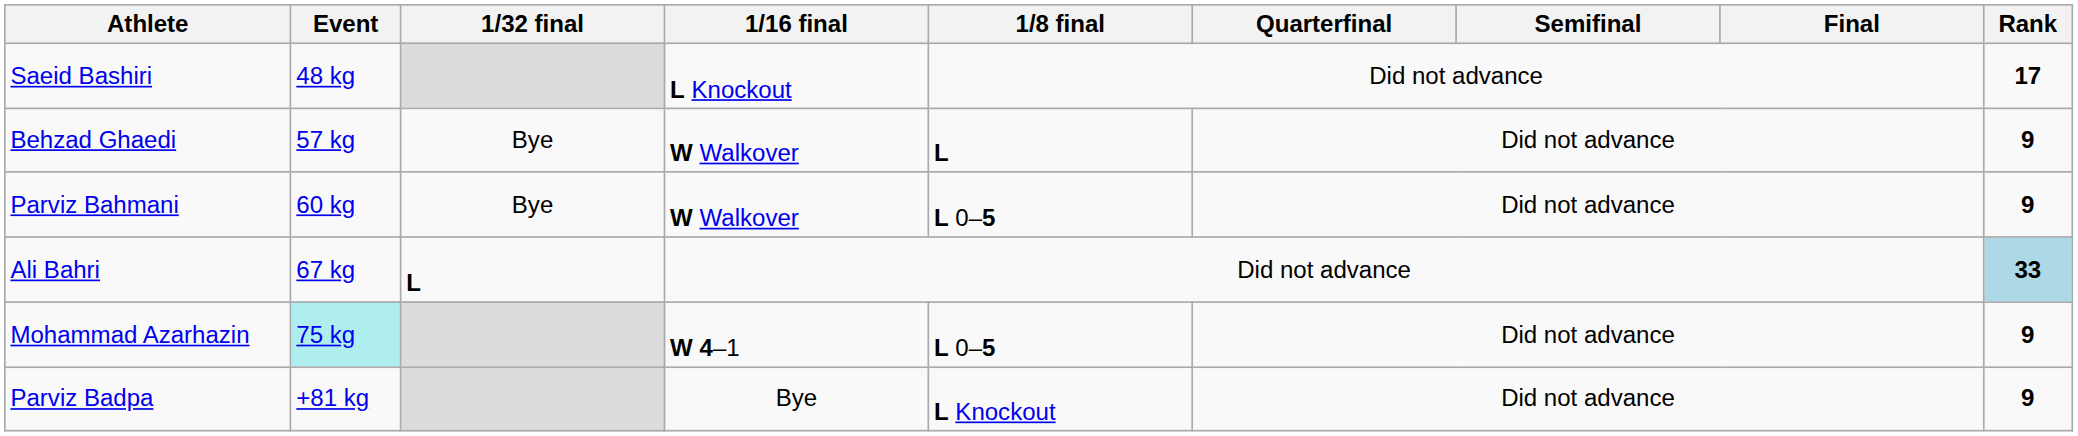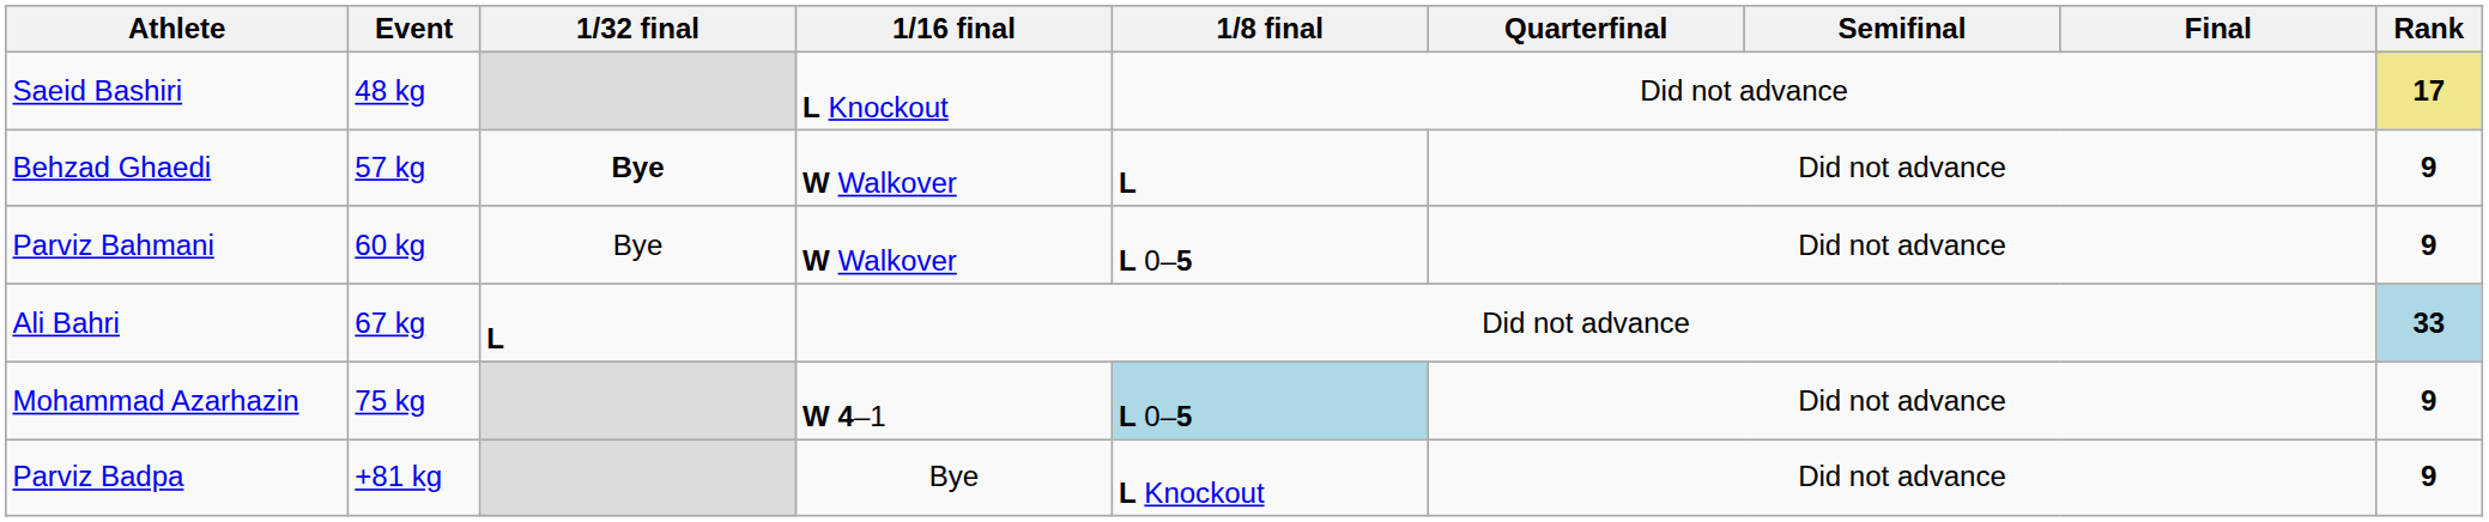 <table class="wikitable" width="98%" style="text-align:left; font-size:90%">
 <tr>
 <th width="13%">Athlete</th>
 <th width="5%">Event</th>
 <th width="12%">1/32 final</th>
 <th width="12%">1/16 final</th>
 <th width="12%">1/8 final</th>
 <th width="12%">Quarterfinal</th>
 <th width="12%">Semifinal</th>
 <th width="12%">Final</th>
 <th width="4%">Rank</th>
 </tr>
 <tr>
 <td><a href='#'>Saeid Bashiri</a></td>
 <td><a href='#'>48 kg</a></td>
 <td bgcolor=#DCDCDC></td>
 <td><br><strong>L</strong> <a href='#'>Knockout</a></td>
 <td colspan=4 align=center>Did not advance</td>
-<td align=center><strong>17</strong></td>
+<td align=center style="background: khaki;"><strong>17</strong></td>
 </tr>
 <tr>
 <td><a href='#'>Behzad Ghaedi</a></td>
 <td><a href='#'>57 kg</a></td>
-<td align=center>Bye</td>
+<td align=center><strong>Bye</strong></td>
 <td><br><strong>W</strong> <a href='#'>Walkover</a></td>
 <td><br><strong>L</strong> </td>
 <td colspan=3 align=center>Did not advance</td>
 <td align=center><strong>9</strong></td>
 </tr>
 <tr>
 <td><a href='#'>Parviz Bahmani</a></td>
 <td><a href='#'>60 kg</a></td>
 <td align=center>Bye</td>
 <td><br><strong>W</strong> <a href='#'>Walkover</a></td>
 <td><br><strong>L</strong> 0–<strong>5</strong></td>
 <td colspan=3 align=center>Did not advance</td>
 <td align=center><strong>9</strong></td>
 </tr>
 <tr>
 <td><a href='#'>Ali Bahri</a></td>
 <td><a href='#'>67 kg</a></td>
 <td><br><strong>L</strong> </td>
 <td colspan=5 align=center>Did not advance</td>
 <td align=center style="background: lightblue;"><strong>33</strong></td>
 </tr>
 <tr>
 <td><a href='#'>Mohammad Azarhazin</a></td>
-<td style="background: paleturquoise;"><a href='#'>75 kg</a></td>
+<td><a href='#'>75 kg</a></td>
 <td bgcolor=#DCDCDC></td>
 <td><br><strong>W</strong> <strong>4</strong>–1</td>
-<td><br><strong>L</strong> 0–<strong>5</strong></td>
+<td style="background: lightblue;"><br><strong>L</strong> 0–<strong>5</strong></td>
 <td colspan=3 align=center>Did not advance</td>
 <td align=center><strong>9</strong></td>
 </tr>
 <tr>
 <td><a href='#'>Parviz Badpa</a></td>
 <td><a href='#'>+81 kg</a></td>
 <td bgcolor=#DCDCDC></td>
 <td align=center>Bye</td>
 <td><br><strong>L</strong> <a href='#'>Knockout</a></td>
 <td colspan=3 align=center>Did not advance</td>
 <td align=center><strong>9</strong></td>
 </tr>
 </table>
